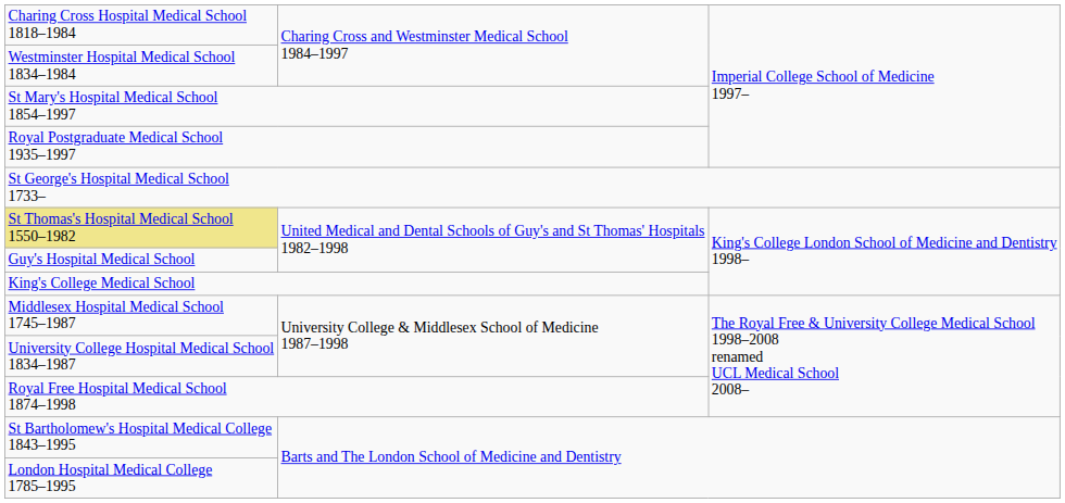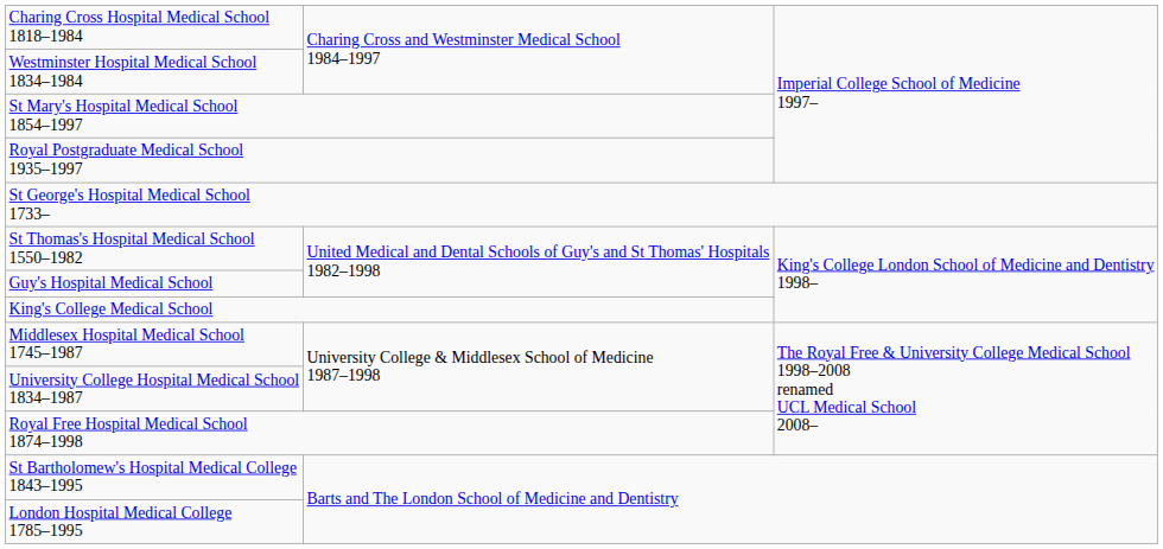 <table class="wikitable">
 <tr>
 <td><a href='#'>Charing Cross Hospital Medical School</a><br>1818–1984</td>
 <td rowspan="2"><a href='#'>Charing Cross and Westminster Medical School</a><br>1984–1997</td>
 <td rowspan="4"><a href='#'>Imperial College School of Medicine</a><br>1997–</td>
 </tr>
 <tr>
 <td><a href='#'>Westminster Hospital Medical School</a><br>1834–1984</td>
 </tr>
 <tr>
 <td colspan="2"><a href='#'>St Mary's Hospital Medical School</a><br>1854–1997</td>
 </tr>
 <tr>
 <td colspan="2"><a href='#'>Royal Postgraduate Medical School</a><br>1935–1997</td>
 </tr>
 <tr>
 <td colspan="3"><a href='#'>St George's Hospital Medical School</a><br>1733–</td>
 </tr>
 <tr>
-<td style="background: khaki;"><a href='#'>St Thomas's Hospital Medical School</a><br>1550–1982</td>
+<td><a href='#'>St Thomas's Hospital Medical School</a><br>1550–1982</td>
 <td rowspan="2"><a href='#'>United Medical and Dental Schools of Guy's and St Thomas' Hospitals</a><br>1982–1998</td>
 <td rowspan="3"><a href='#'>King's College London School of Medicine and Dentistry</a><br>1998–</td>
 </tr>
 <tr>
 <td><a href='#'>Guy's Hospital Medical School</a></td>
 </tr>
 <tr>
 <td colspan="2"><a href='#'>King's College Medical School</a></td>
 </tr>
 <tr>
 <td><a href='#'>Middlesex Hospital Medical School</a><br>1745–1987</td>
 <td rowspan="2">University College & Middlesex School of Medicine<br>1987–1998</td>
 <td rowspan="3"><a href='#'>The Royal Free & University College Medical School</a><br>1998–2008<br>renamed<br><a href='#'>UCL Medical School</a><br>2008–</td>
 </tr>
 <tr>
 <td><a href='#'>University College Hospital Medical School</a><br> 1834–1987</td>
 </tr>
 <tr>
 <td colspan="2"><a href='#'>Royal Free Hospital Medical School</a><br>1874–1998</td>
 </tr>
 <tr>
 <td><a href='#'>St Bartholomew's Hospital Medical College</a><br>1843–1995</td>
 <td colspan="2" rowspan="2"><a href='#'>Barts and The London School of Medicine and Dentistry</a></td>
 </tr>
 <tr>
 <td><a href='#'>London Hospital Medical College</a><br>1785–1995</td>
 </tr>
 </table>
